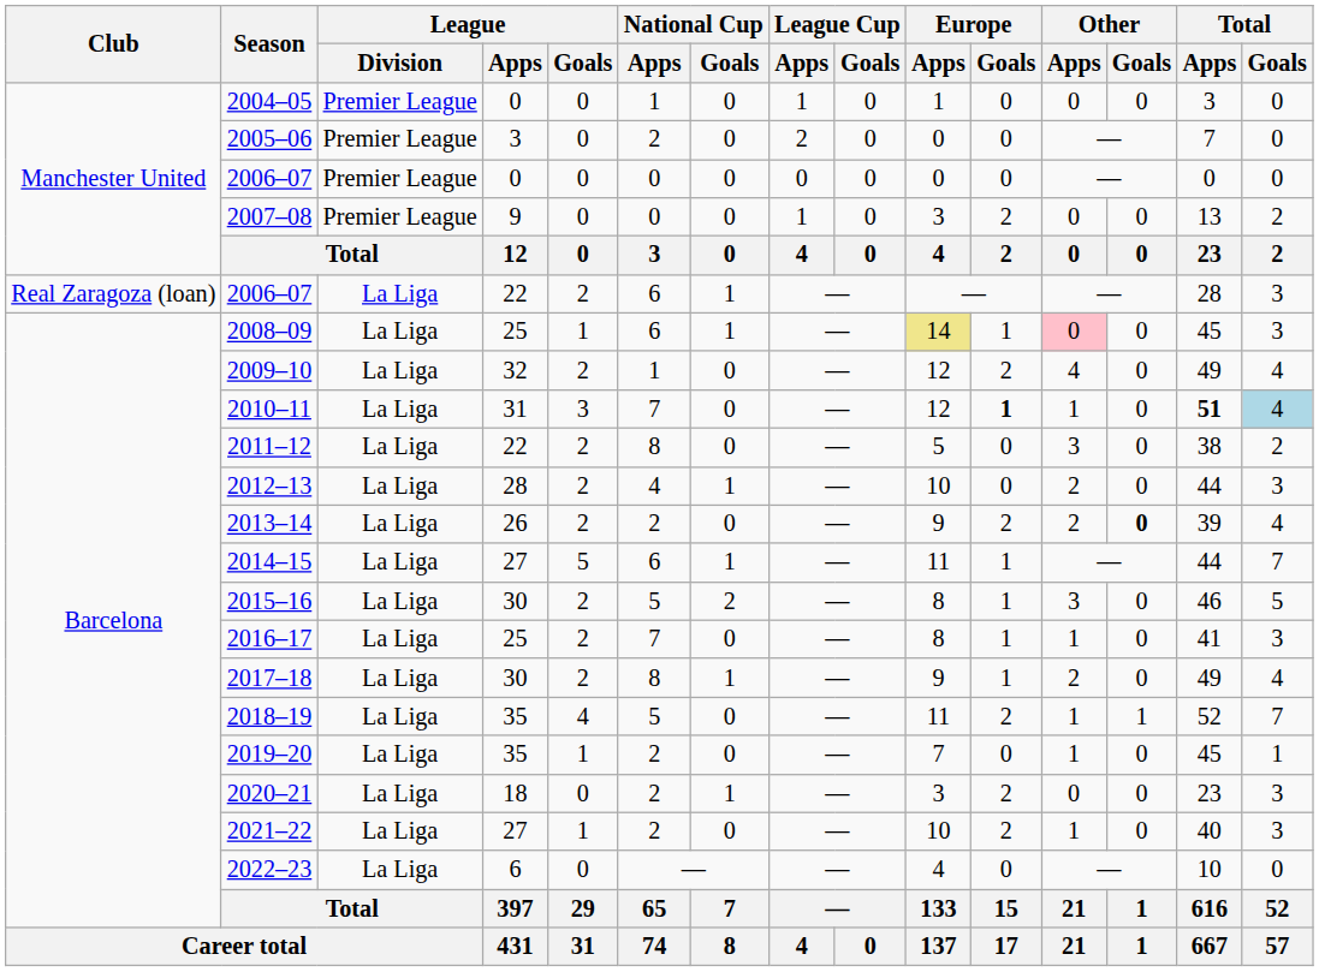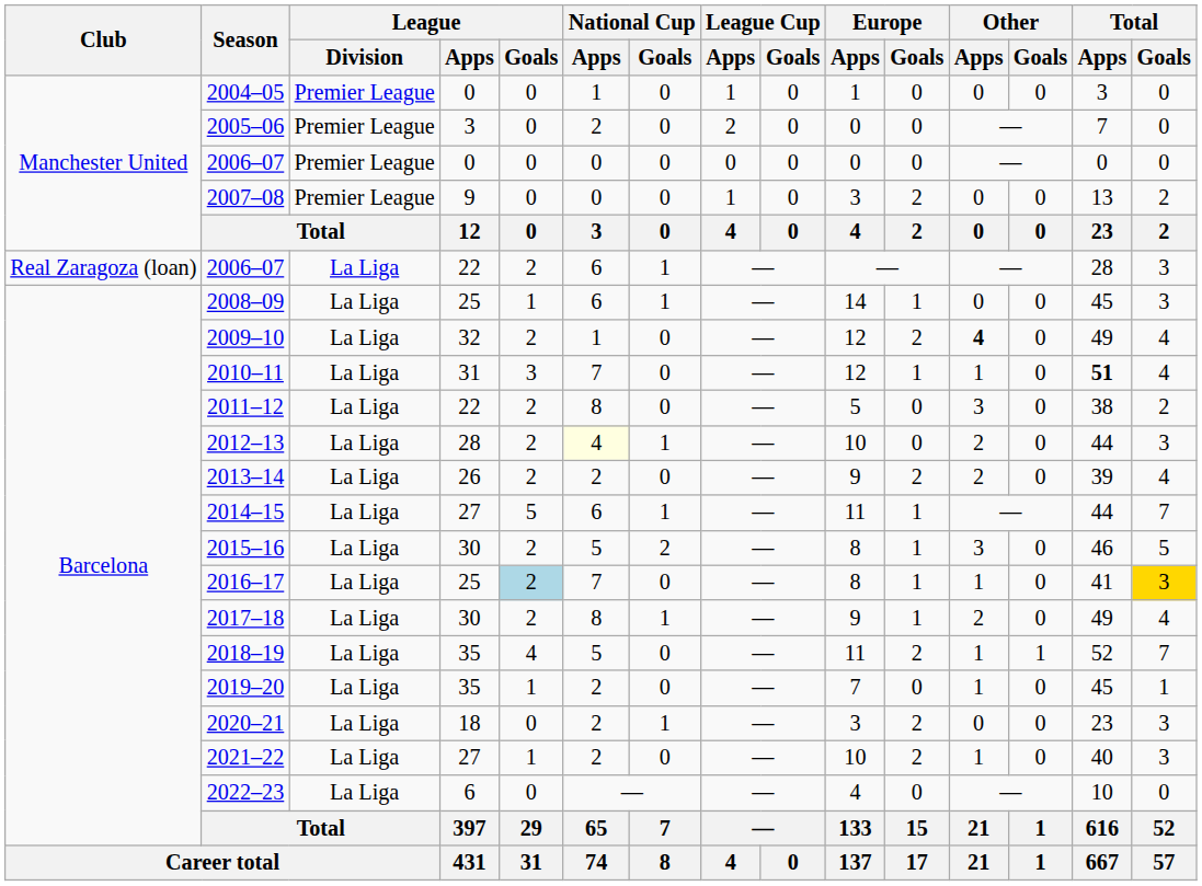 <table class="wikitable" style="text-align: center;">
 <tr>
 <th rowspan=2>Club</th>
 <th rowspan=2>Season</th>
 <th colspan=3>League</th>
 <th colspan=2>National Cup</th>
 <th colspan=2>League Cup</th>
 <th colspan=2>Europe</th>
 <th colspan=2>Other</th>
 <th colspan=2>Total</th>
 </tr>
 <tr>
 <th>Division</th>
 <th>Apps</th>
 <th>Goals</th>
 <th>Apps</th>
 <th>Goals</th>
 <th>Apps</th>
 <th>Goals</th>
 <th>Apps</th>
 <th>Goals</th>
 <th>Apps</th>
 <th>Goals</th>
 <th>Apps</th>
 <th>Goals</th>
 </tr>
 <tr>
 <td rowspan=5><a href='#'>Manchester United</a></td>
 <td><a href='#'>2004–05</a></td>
 <td><a href='#'>Premier League</a></td>
 <td>0</td>
 <td>0</td>
 <td>1</td>
 <td>0</td>
 <td>1</td>
 <td>0</td>
 <td>1</td>
 <td>0</td>
 <td>0</td>
 <td>0</td>
 <td>3</td>
 <td>0</td>
 </tr>
 <tr>
 <td><a href='#'>2005–06</a></td>
 <td>Premier League</td>
 <td>3</td>
 <td>0</td>
 <td>2</td>
 <td>0</td>
 <td>2</td>
 <td>0</td>
 <td>0</td>
 <td>0</td>
 <td colspan=2>—</td>
 <td>7</td>
 <td>0</td>
 </tr>
 <tr>
 <td><a href='#'>2006–07</a></td>
 <td>Premier League</td>
 <td>0</td>
 <td>0</td>
 <td>0</td>
 <td>0</td>
 <td>0</td>
 <td>0</td>
 <td>0</td>
 <td>0</td>
 <td colspan=2>—</td>
 <td>0</td>
 <td>0</td>
 </tr>
 <tr>
 <td><a href='#'>2007–08</a></td>
 <td>Premier League</td>
 <td>9</td>
 <td>0</td>
 <td>0</td>
 <td>0</td>
 <td>1</td>
 <td>0</td>
 <td>3</td>
 <td>2</td>
 <td>0</td>
 <td>0</td>
 <td>13</td>
 <td>2</td>
 </tr>
 <tr>
 <th colspan=2>Total</th>
 <th>12</th>
 <th>0</th>
 <th>3</th>
 <th>0</th>
 <th>4</th>
 <th>0</th>
 <th>4</th>
 <th>2</th>
 <th>0</th>
 <th>0</th>
 <th>23</th>
 <th>2</th>
 </tr>
 <tr>
 <td><a href='#'>Real Zaragoza</a> (loan)</td>
 <td><a href='#'>2006–07</a></td>
 <td><a href='#'>La Liga</a></td>
 <td>22</td>
 <td>2</td>
 <td>6</td>
 <td>1</td>
 <td colspan=2>—</td>
 <td colspan=2>—</td>
 <td colspan=2>—</td>
 <td>28</td>
 <td>3</td>
 </tr>
 <tr>
 <td rowspan=16><a href='#'>Barcelona</a></td>
 <td><a href='#'>2008–09</a></td>
 <td>La Liga</td>
 <td>25</td>
 <td>1</td>
 <td>6</td>
 <td>1</td>
 <td colspan=2>—</td>
-<td style="background: khaki;">14</td>
+<td>14</td>
 <td>1</td>
-<td style="background: pink;">0</td>
+<td>0</td>
 <td>0</td>
 <td>45</td>
 <td>3</td>
 </tr>
 <tr>
 <td><a href='#'>2009–10</a></td>
 <td>La Liga</td>
 <td>32</td>
 <td>2</td>
 <td>1</td>
 <td>0</td>
 <td colspan=2>—</td>
 <td>12</td>
 <td>2</td>
-<td>4</td>
+<td><strong>4</strong></td>
 <td>0</td>
 <td>49</td>
 <td>4</td>
 </tr>
 <tr>
 <td><a href='#'>2010–11</a></td>
 <td>La Liga</td>
 <td>31</td>
 <td>3</td>
 <td>7</td>
 <td>0</td>
 <td colspan=2>—</td>
 <td>12</td>
-<td><strong>1</strong></td>
+<td>1</td>
 <td>1</td>
 <td>0</td>
 <td><strong>51</strong></td>
-<td style="background: lightblue;">4</td>
+<td>4</td>
 </tr>
 <tr>
 <td><a href='#'>2011–12</a></td>
 <td>La Liga</td>
 <td>22</td>
 <td>2</td>
 <td>8</td>
 <td>0</td>
 <td colspan=2>—</td>
 <td>5</td>
 <td>0</td>
 <td>3</td>
 <td>0</td>
 <td>38</td>
 <td>2</td>
 </tr>
 <tr>
 <td><a href='#'>2012–13</a></td>
 <td>La Liga</td>
 <td>28</td>
 <td>2</td>
-<td>4</td>
+<td style="background: lightyellow;">4</td>
 <td>1</td>
 <td colspan=2>—</td>
 <td>10</td>
 <td>0</td>
 <td>2</td>
 <td>0</td>
 <td>44</td>
 <td>3</td>
 </tr>
 <tr>
 <td><a href='#'>2013–14</a></td>
 <td>La Liga</td>
 <td>26</td>
 <td>2</td>
 <td>2</td>
 <td>0</td>
 <td colspan=2>—</td>
 <td>9</td>
 <td>2</td>
 <td>2</td>
-<td><strong>0</strong></td>
+<td>0</td>
 <td>39</td>
 <td>4</td>
 </tr>
 <tr>
 <td><a href='#'>2014–15</a></td>
 <td>La Liga</td>
 <td>27</td>
 <td>5</td>
 <td>6</td>
 <td>1</td>
 <td colspan=2>—</td>
 <td>11</td>
 <td>1</td>
 <td colspan=2>—</td>
 <td>44</td>
 <td>7</td>
 </tr>
 <tr>
 <td><a href='#'>2015–16</a></td>
 <td>La Liga</td>
 <td>30</td>
 <td>2</td>
 <td>5</td>
 <td>2</td>
 <td colspan=2>—</td>
 <td>8</td>
 <td>1</td>
 <td>3</td>
 <td>0</td>
 <td>46</td>
 <td>5</td>
 </tr>
 <tr>
 <td><a href='#'>2016–17</a></td>
 <td>La Liga</td>
 <td>25</td>
-<td>2</td>
+<td style="background: lightblue;">2</td>
 <td>7</td>
 <td>0</td>
 <td colspan=2>—</td>
 <td>8</td>
 <td>1</td>
 <td>1</td>
 <td>0</td>
 <td>41</td>
-<td>3</td>
+<td style="background: gold;">3</td>
 </tr>
 <tr>
 <td><a href='#'>2017–18</a></td>
 <td>La Liga</td>
 <td>30</td>
 <td>2</td>
 <td>8</td>
 <td>1</td>
 <td colspan=2>—</td>
 <td>9</td>
 <td>1</td>
 <td>2</td>
 <td>0</td>
 <td>49</td>
 <td>4</td>
 </tr>
 <tr>
 <td><a href='#'>2018–19</a></td>
 <td>La Liga</td>
 <td>35</td>
 <td>4</td>
 <td>5</td>
 <td>0</td>
 <td colspan=2>—</td>
 <td>11</td>
 <td>2</td>
 <td>1</td>
 <td>1</td>
 <td>52</td>
 <td>7</td>
 </tr>
 <tr>
 <td><a href='#'>2019–20</a></td>
 <td>La Liga</td>
 <td>35</td>
 <td>1</td>
 <td>2</td>
 <td>0</td>
 <td colspan=2>—</td>
 <td>7</td>
 <td>0</td>
 <td>1</td>
 <td>0</td>
 <td>45</td>
 <td>1</td>
 </tr>
 <tr>
 <td><a href='#'>2020–21</a></td>
 <td>La Liga</td>
 <td>18</td>
 <td>0</td>
 <td>2</td>
 <td>1</td>
 <td colspan=2>—</td>
 <td>3</td>
 <td>2</td>
 <td>0</td>
 <td>0</td>
 <td>23</td>
 <td>3</td>
 </tr>
 <tr>
 <td><a href='#'>2021–22</a></td>
 <td>La Liga</td>
 <td>27</td>
 <td>1</td>
 <td>2</td>
 <td>0</td>
 <td colspan=2>—</td>
 <td>10</td>
 <td>2</td>
 <td>1</td>
 <td>0</td>
 <td>40</td>
 <td>3</td>
 </tr>
 <tr>
 <td><a href='#'>2022–23</a></td>
 <td>La Liga</td>
 <td>6</td>
 <td>0</td>
 <td colspan=2>—</td>
 <td colspan=2>—</td>
 <td>4</td>
 <td>0</td>
 <td colspan=2>—</td>
 <td>10</td>
 <td>0</td>
 </tr>
 <tr>
 <th colspan=2>Total</th>
 <th>397</th>
 <th>29</th>
 <th>65</th>
 <th>7</th>
 <th colspan=2>—</th>
 <th>133</th>
 <th>15</th>
 <th>21</th>
 <th>1</th>
 <th>616</th>
 <th>52</th>
 </tr>
 <tr>
 <th colspan=3>Career total</th>
 <th>431</th>
 <th>31</th>
 <th>74</th>
 <th>8</th>
 <th>4</th>
 <th>0</th>
 <th>137</th>
 <th>17</th>
 <th>21</th>
 <th>1</th>
 <th>667</th>
 <th>57</th>
 </tr>
 </table>
